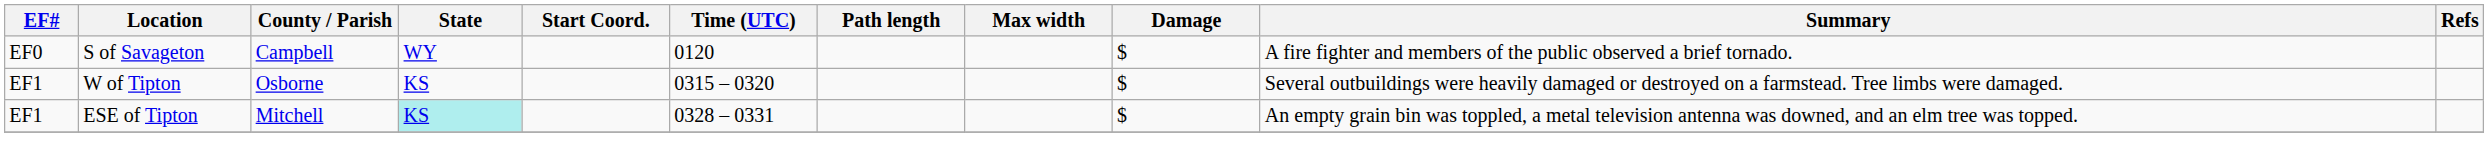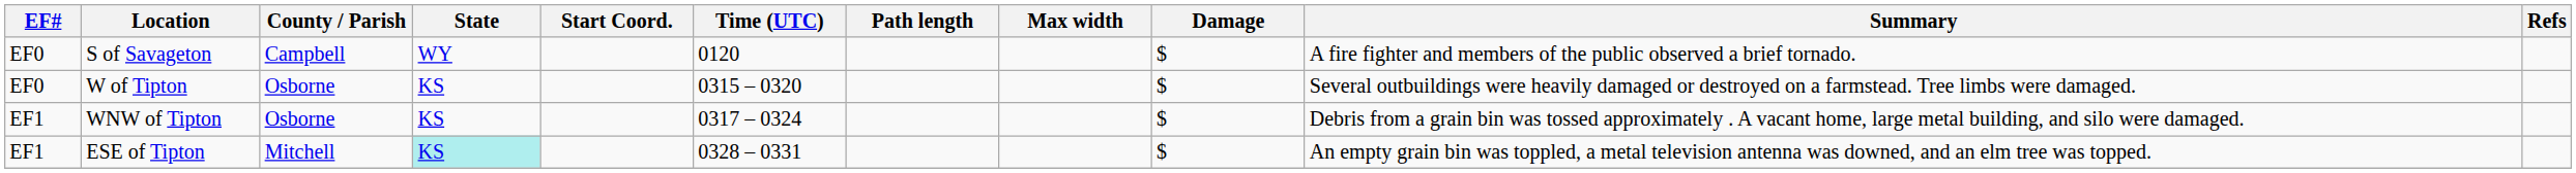 <table class="wikitable sortable" style="width:100%;">
 <tr>
 <th scope="col" width="3%" align="center"><a href='#'>EF#</a></th>
 <th scope="col" width="7%" align="center" class="unsortable">Location</th>
 <th scope="col" width="6%" align="center" class="unsortable">County / Parish</th>
 <th scope="col" width="5%" align="center">State</th>
 <th scope="col" width="6%" align="center">Start Coord.</th>
 <th scope="col" width="6%" align="center">Time (<a href='#'>UTC</a>)</th>
 <th scope="col" width="6%" align="center">Path length</th>
 <th scope="col" width="6%" align="center">Max width</th>
 <th scope="col" width="6%" align="center">Damage</th>
 <th scope="col" width="48%" class="unsortable" align="center">Summary</th>
 <th scope="col" width="48%" class="unsortable" align="center">Refs</th>
 </tr>
 <tr>
 <td>EF0</td>
 <td>S of <a href='#'>Savageton</a></td>
 <td><a href='#'>Campbell</a></td>
 <td><a href='#'>WY</a></td>
 <td></td>
 <td>0120</td>
 <td></td>
 <td></td>
 <td>$</td>
 <td>A fire fighter and members of the public observed a brief tornado.</td>
 <td></td>
 </tr>
 <tr>
-<td>EF1</td>
+<td>EF0</td>
 <td>W of <a href='#'>Tipton</a></td>
 <td><a href='#'>Osborne</a></td>
 <td><a href='#'>KS</a></td>
 <td></td>
 <td>0315 – 0320</td>
 <td></td>
 <td></td>
 <td>$</td>
 <td>Several outbuildings were heavily damaged or destroyed on a farmstead. Tree limbs were damaged.</td>
+<td></td>
+</tr>
+<tr>
+<td>EF1</td>
+<td>WNW of <a href='#'>Tipton</a></td>
+<td><a href='#'>Osborne</a></td>
+<td><a href='#'>KS</a></td>
+<td></td>
+<td>0317 – 0324</td>
+<td></td>
+<td></td>
+<td>$</td>
+<td>Debris from a grain bin was tossed approximately . A vacant home, large metal building, and silo were damaged.</td>
 <td></td>
 </tr>
 <tr>
 <td>EF1</td>
 <td>ESE of <a href='#'>Tipton</a></td>
 <td><a href='#'>Mitchell</a></td>
 <td style="background: paleturquoise;"><a href='#'>KS</a></td>
 <td></td>
 <td>0328 – 0331</td>
 <td></td>
 <td></td>
 <td>$</td>
 <td>An empty grain bin was toppled, a metal television antenna was downed, and an elm tree was topped.</td>
 <td></td>
 </tr>
 <tr>
 </tr>
 </table>
